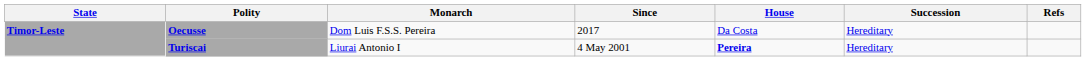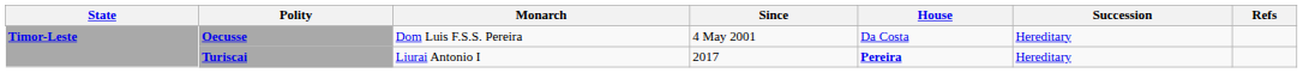 <table class="wikitable" width="100%">
 <tr>
 <th width="15%"><a href='#'>State</a></th>
 <th width="15%">Polity</th>
 <th width="23%">Monarch</th>
 <th width="13%">Since</th>
 <th width="12%"><a href='#'>House</a></th>
 <th width="17%">Succession</th>
 <th width="5%">Refs</th>
 </tr>
 <tr>
 <td bgcolor="#A9A9A9" rowspan="3" style="vertical-align: top; border-color: white;"> <strong><a href='#'><span>Timor-Leste</span></a></strong></td>
 <td bgcolor="#A9A9A9"><strong><a href='#'><span>Oecusse</span></a></strong> </td>
 <td><a href='#'>Dom</a> Luis F.S.S. Pereira</td>
-<td>2017</td>
+<td>4 May 2001 </td>
 <td><a href='#'>Da Costa</a> </td>
 <td><a href='#'>Hereditary</a></td>
 <td align="center"></td>
 </tr>
 <tr>
 <td bgcolor="#A9A9A9"><strong><a href='#'><span>Turiscai</span></a></strong></td>
 <td><a href='#'>Liurai</a> Antonio I</td>
-<td>4 May 2001 </td>
+<td>2017</td>
 <td><strong><a href='#'>Pereira</a></strong></td>
 <td><a href='#'>Hereditary</a></td>
 <td align="center"></td>
 </tr>
 </table>
